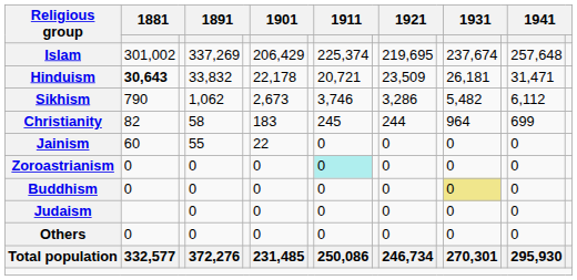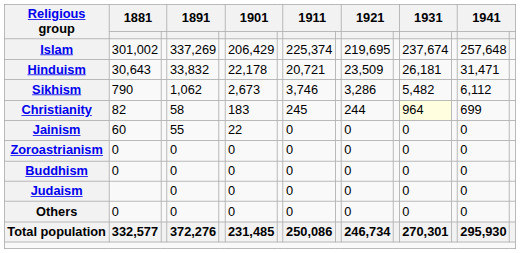 <table class="wikitable sortable">
 <tr>
 <th rowspan="2"><a href='#'>Religious</a><br>group</th>
 <th colspan="2">1881</th>
 <th colspan="2">1891</th>
 <th colspan="2">1901</th>
 <th colspan="2">1911</th>
 <th colspan="2">1921</th>
 <th colspan="2">1931</th>
 <th colspan="2">1941</th>
 </tr>
 <tr>
 <th><a href='#'></a></th>
 <th></th>
 <th></th>
 <th></th>
 <th></th>
 <th></th>
 <th></th>
 <th></th>
 <th></th>
 <th></th>
 <th></th>
 <th></th>
 <th></th>
 <th></th>
 </tr>
 <tr>
 <th><a href='#'>Islam</a> </th>
 <td>301,002</td>
 <td></td>
 <td>337,269</td>
 <td></td>
 <td>206,429</td>
 <td></td>
 <td>225,374</td>
 <td></td>
 <td>219,695</td>
 <td></td>
 <td>237,674</td>
 <td></td>
 <td>257,648</td>
 <td></td>
 </tr>
 <tr>
 <th><a href='#'>Hinduism</a> </th>
-<td><strong>30,643</strong></td>
+<td>30,643</td>
 <td></td>
 <td>33,832</td>
 <td></td>
 <td>22,178</td>
 <td></td>
 <td>20,721</td>
 <td></td>
 <td>23,509</td>
 <td></td>
 <td>26,181</td>
 <td></td>
 <td>31,471</td>
 <td></td>
 </tr>
 <tr>
 <th><a href='#'>Sikhism</a> </th>
 <td>790</td>
 <td></td>
 <td>1,062</td>
 <td></td>
 <td>2,673</td>
 <td></td>
 <td>3,746</td>
 <td></td>
 <td>3,286</td>
 <td></td>
 <td>5,482</td>
 <td></td>
 <td>6,112</td>
 <td></td>
 </tr>
 <tr>
 <th><a href='#'>Christianity</a> </th>
 <td>82</td>
 <td></td>
 <td>58</td>
 <td></td>
 <td>183</td>
 <td></td>
 <td>245</td>
 <td></td>
 <td>244</td>
 <td></td>
-<td>964</td>
+<td style="background: lightyellow;">964</td>
 <td></td>
 <td>699</td>
 <td></td>
 </tr>
 <tr>
 <th><a href='#'>Jainism</a> </th>
 <td>60</td>
 <td></td>
 <td>55</td>
 <td></td>
 <td>22</td>
 <td></td>
 <td>0</td>
 <td></td>
 <td>0</td>
 <td></td>
 <td>0</td>
 <td></td>
 <td>0</td>
 <td></td>
 </tr>
 <tr>
 <th><a href='#'>Zoroastrianism</a> </th>
 <td>0</td>
 <td></td>
 <td>0</td>
 <td></td>
 <td>0</td>
 <td></td>
-<td style="background: paleturquoise;">0</td>
+<td>0</td>
 <td></td>
 <td>0</td>
 <td></td>
 <td>0</td>
 <td></td>
 <td>0</td>
 <td></td>
 </tr>
 <tr>
 <th><a href='#'>Buddhism</a> </th>
 <td>0</td>
 <td></td>
 <td>0</td>
 <td></td>
 <td>0</td>
 <td></td>
 <td>0</td>
 <td></td>
 <td>0</td>
 <td></td>
-<td style="background: khaki;">0</td>
+<td>0</td>
 <td></td>
 <td>0</td>
 <td></td>
 </tr>
 <tr>
 <th><a href='#'>Judaism</a> </th>
 <td></td>
 <td></td>
 <td>0</td>
 <td></td>
 <td>0</td>
 <td></td>
 <td>0</td>
 <td></td>
 <td>0</td>
 <td></td>
 <td>0</td>
 <td></td>
 <td>0</td>
 <td></td>
 </tr>
 <tr>
 <th>Others</th>
 <td>0</td>
 <td></td>
 <td>0</td>
 <td></td>
 <td>0</td>
 <td></td>
 <td>0</td>
 <td></td>
 <td>0</td>
 <td></td>
 <td>0</td>
 <td></td>
 <td>0</td>
 <td></td>
 </tr>
 <tr>
 <th>Total population</th>
 <th>332,577</th>
 <th></th>
 <th>372,276</th>
 <th></th>
 <th>231,485</th>
 <th></th>
 <th>250,086</th>
 <th></th>
 <th>246,734</th>
 <th></th>
 <th>270,301</th>
 <th></th>
 <th>295,930</th>
 <th></th>
 </tr>
 <tr class="sortbottom">
 <td colspan="15"></td>
 </tr>
 </table>
